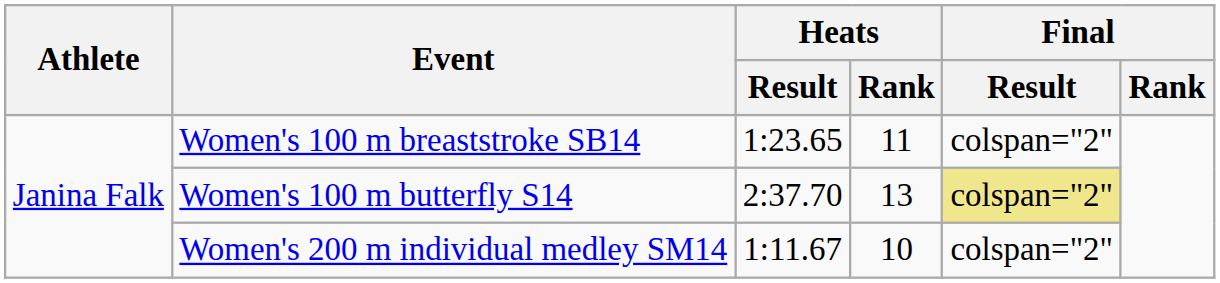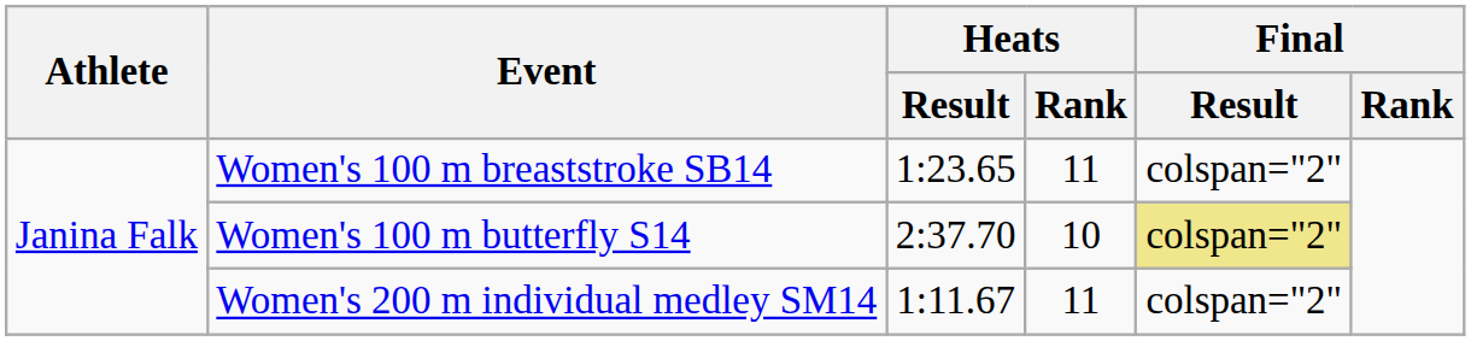 <table class=wikitable style="font-size:90%">
 <tr>
 <th rowspan="2">Athlete</th>
 <th rowspan="2">Event</th>
 <th colspan="2">Heats</th>
 <th colspan="2">Final</th>
 </tr>
 <tr>
 <th>Result</th>
 <th>Rank</th>
 <th>Result</th>
 <th>Rank</th>
 </tr>
 <tr align=center>
 <td align=left rowspan=3><a href='#'>Janina Falk</a></td>
 <td align=left><a href='#'>Women's 100 m breaststroke SB14</a></td>
 <td>1:23.65</td>
 <td>11</td>
 <td>colspan="2" </td>
 </tr>
 <tr align=center>
 <td align=left><a href='#'>Women's 100 m butterfly S14</a></td>
 <td>2:37.70</td>
-<td>13</td>
+<td>10</td>
 <td style="background: khaki;">colspan="2" </td>
 </tr>
 <tr align=center>
 <td align=left><a href='#'>Women's 200 m individual medley SM14</a></td>
 <td>1:11.67</td>
-<td>10</td>
+<td>11</td>
 <td>colspan="2" </td>
 </tr>
 </table>
